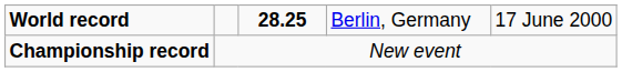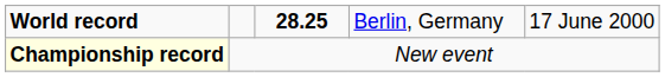 <table class="wikitable">
 <tr>
 <td><strong>World record</strong></td>
 <td style="padding-right:1em"></td>
 <td style="text-align:center;padding-left:1em; padding-right:1em;"><strong>28.25</strong></td>
 <td style="padding-right:1em"><a href='#'>Berlin</a>, Germany</td>
 <td align=right>17 June 2000</td>
 </tr>
 <tr>
-<td><strong>Championship record</strong></td>
+<td style="background: lightyellow;"><strong>Championship record</strong></td>
 <td colspan="5" style="text-align:center;"><em>New event</em></td>
 </tr>
 </table>
